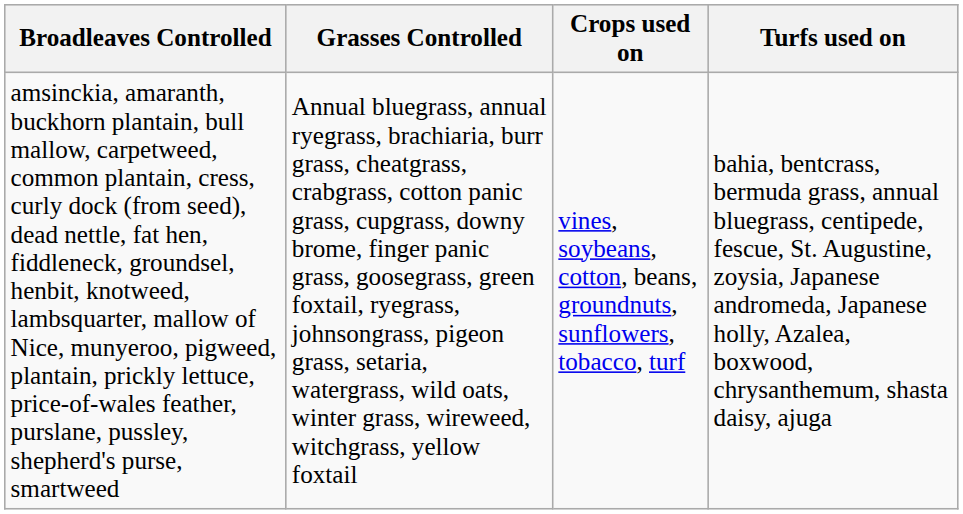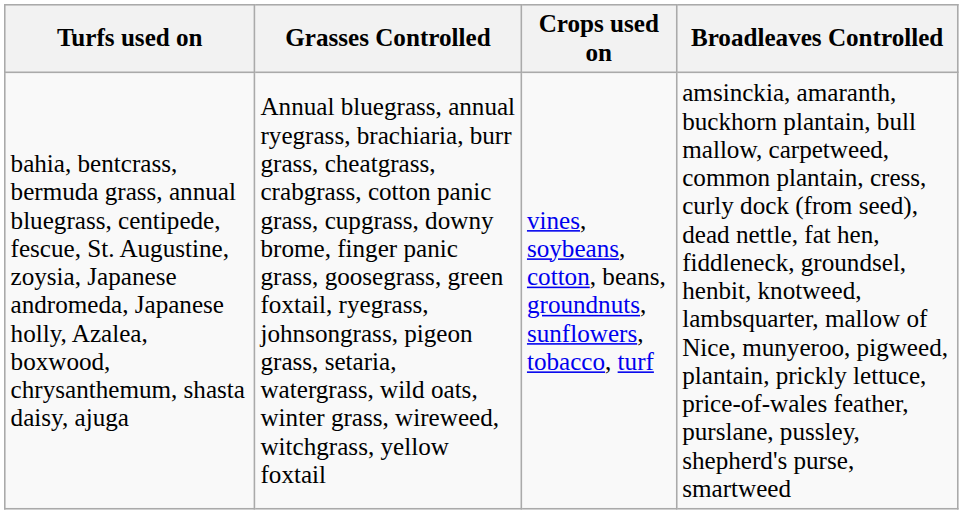 <table class="wikitable">
 <tr>
-<th>Broadleaves Controlled</th>
+<th>Turfs used on</th>
 <th>Grasses Controlled</th>
 <th>Crops used on</th>
-<th>Turfs used on</th>
+<th>Broadleaves Controlled</th>
 </tr>
 <tr>
-<td>amsinckia, amaranth, buckhorn plantain, bull mallow, carpetweed, common plantain, cress, curly dock (from seed), dead nettle, fat hen, fiddleneck, groundsel, henbit, knotweed, lambsquarter, mallow of Nice, munyeroo, pigweed, plantain, prickly lettuce, price-of-wales feather, purslane, pussley, shepherd's purse, smartweed</td>
+<td>bahia, bentcrass, bermuda grass, annual bluegrass, centipede, fescue, St. Augustine, zoysia, Japanese andromeda, Japanese holly, Azalea, boxwood, chrysanthemum, shasta daisy, ajuga</td>
 <td>Annual bluegrass, annual ryegrass, brachiaria, burr grass, cheatgrass, crabgrass, cotton panic grass, cupgrass, downy brome, finger panic grass, goosegrass, green foxtail, ryegrass, johnsongrass, pigeon grass, setaria, watergrass, wild oats, winter grass, wireweed, witchgrass, yellow foxtail</td>
 <td><a href='#'>vines</a>, <a href='#'>soybeans</a>, <a href='#'>cotton</a>, beans, <a href='#'>groundnuts</a>, <a href='#'>sunflowers</a>, <a href='#'>tobacco</a>, <a href='#'>turf</a></td>
-<td>bahia, bentcrass, bermuda grass, annual bluegrass, centipede, fescue, St. Augustine, zoysia, Japanese andromeda, Japanese holly, Azalea, boxwood, chrysanthemum, shasta daisy, ajuga</td>
+<td>amsinckia, amaranth, buckhorn plantain, bull mallow, carpetweed, common plantain, cress, curly dock (from seed), dead nettle, fat hen, fiddleneck, groundsel, henbit, knotweed, lambsquarter, mallow of Nice, munyeroo, pigweed, plantain, prickly lettuce, price-of-wales feather, purslane, pussley, shepherd's purse, smartweed</td>
 </tr>
 </table>
